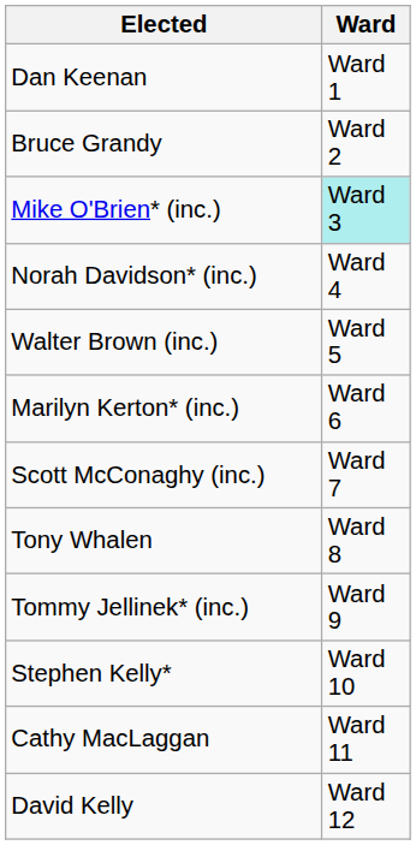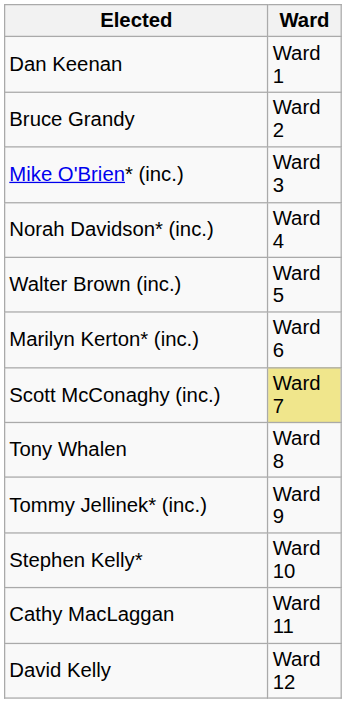 <table class="wikitable">
 <tr>
 <th bgcolor="#DDDDFF" width="200px">Elected</th>
 <th bgcolor="#DDDDFF" width="50px">Ward</th>
 </tr>
 <tr>
 <td>Dan Keenan</td>
 <td>Ward 1</td>
 </tr>
 <tr>
 <td>Bruce Grandy</td>
 <td>Ward 2</td>
 </tr>
 <tr>
 <td><a href='#'>Mike O'Brien</a>* (inc.)</td>
-<td style="background: paleturquoise;">Ward 3</td>
+<td>Ward 3</td>
 </tr>
 <tr>
 <td>Norah Davidson* (inc.)</td>
 <td>Ward 4</td>
 </tr>
 <tr>
 <td>Walter Brown (inc.)</td>
 <td>Ward 5</td>
 </tr>
 <tr>
 <td>Marilyn Kerton* (inc.)</td>
 <td>Ward 6</td>
 </tr>
 <tr>
 <td>Scott McConaghy (inc.)</td>
-<td>Ward 7</td>
+<td style="background: khaki;">Ward 7</td>
 </tr>
 <tr>
 <td>Tony Whalen</td>
 <td>Ward 8</td>
 </tr>
 <tr>
 <td>Tommy Jellinek* (inc.)</td>
 <td>Ward 9</td>
 </tr>
 <tr>
 <td>Stephen Kelly*</td>
 <td>Ward 10</td>
 </tr>
 <tr>
 <td>Cathy MacLaggan</td>
 <td>Ward 11</td>
 </tr>
 <tr>
 <td>David Kelly</td>
 <td>Ward 12</td>
 </tr>
 </table>
